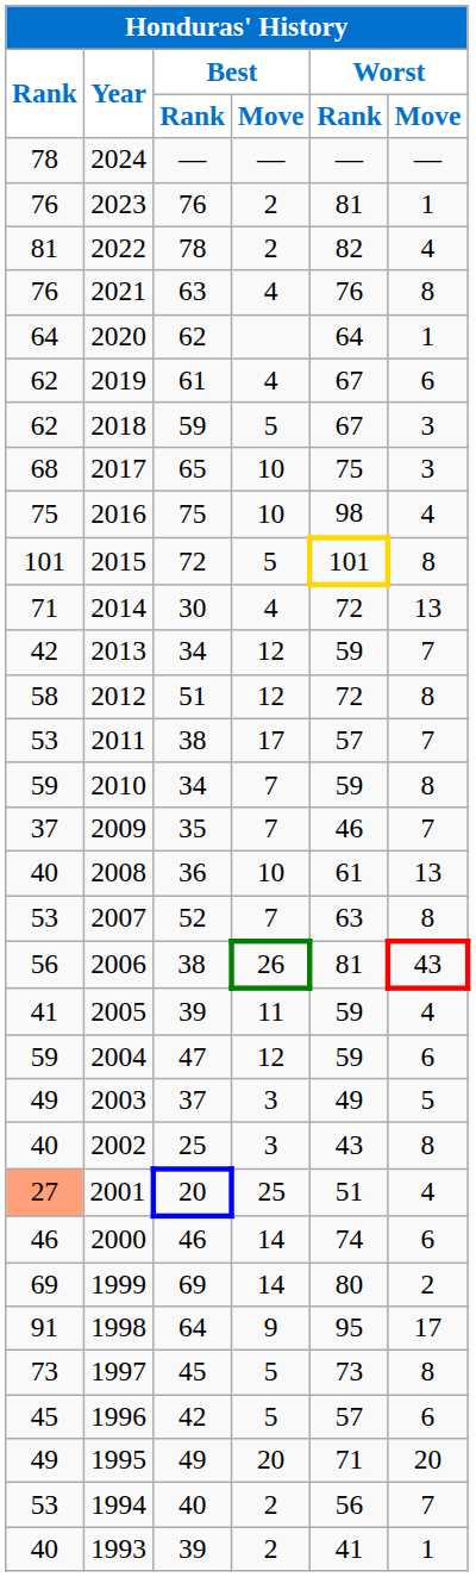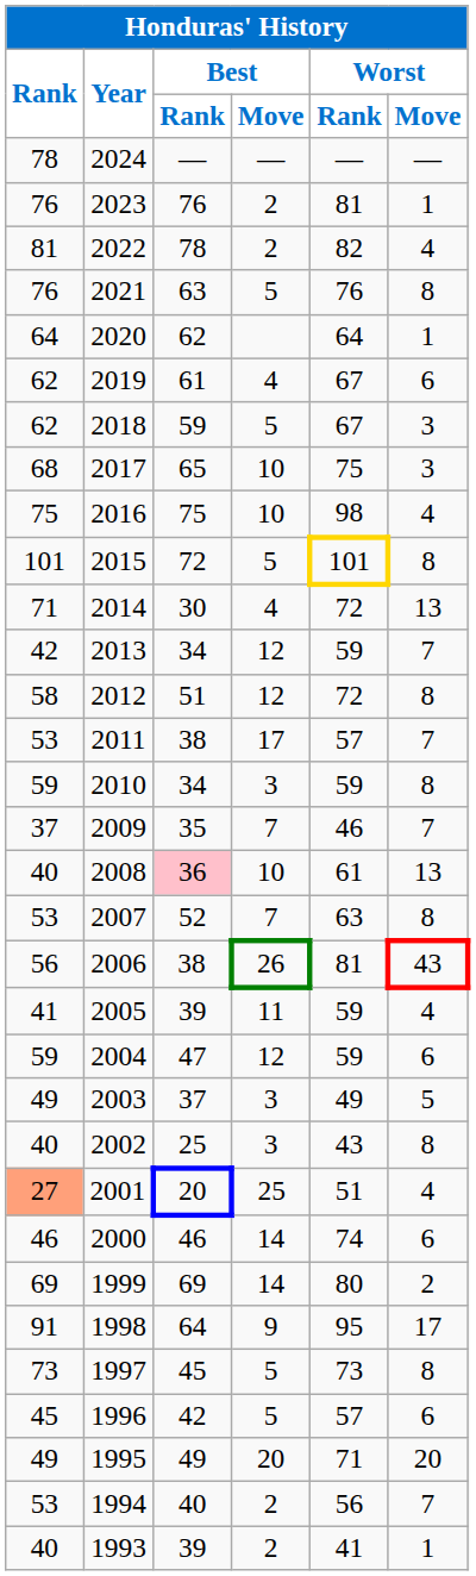 <table class="wikitable sortable" style="text-align:center;">
 <tr>
 <th colspan=9 style="background: #0072CE; color: #FFFFFF;"> Honduras' <a href='#'></a> History</th>
 </tr>
 <tr>
 <th rowspan=2 style="background-color: #FFFFFF; color: #0072CE;">Rank</th>
 <th rowspan=2 style="background-color: #FFFFFF; color: #0072CE;">Year</th>
 <th colspan=2 style="background-color: #FFFFFF; color: #0072CE;">Best</th>
 <th colspan=2 style="background-color: #FFFFFF; color: #0072CE;">Worst</th>
 </tr>
 <tr>
 <th style="background-color: #FFFFFF; color: #0072CE;">Rank</th>
 <th style="background-color: #FFFFFF; color: #0072CE;">Move</th>
 <th style="background-color: #FFFFFF; color: #0072CE;">Rank</th>
 <th style="background-color: #FFFFFF; color: #0072CE;">Move</th>
 </tr>
 <tr>
 <td>78</td>
 <td>2024</td>
 <td>—</td>
 <td>—</td>
 <td>—</td>
 <td>—</td>
 </tr>
 <tr>
 <td>76</td>
 <td>2023</td>
 <td>76</td>
 <td> 2</td>
 <td>81</td>
 <td> 1</td>
 </tr>
 <tr>
 <td>81</td>
 <td>2022</td>
 <td>78</td>
 <td> 2</td>
 <td>82</td>
 <td> 4</td>
 </tr>
 <tr>
 <td>76</td>
 <td>2021</td>
 <td>63</td>
-<td> 4</td>
+<td> 5</td>
 <td>76</td>
 <td> 8</td>
 </tr>
 <tr>
 <td>64</td>
 <td>2020</td>
 <td>62</td>
 <td></td>
 <td>64</td>
 <td> 1</td>
 </tr>
 <tr>
 <td>62</td>
 <td>2019</td>
 <td>61</td>
 <td> 4</td>
 <td>67</td>
 <td> 6</td>
 </tr>
 <tr>
 <td>62</td>
 <td>2018</td>
 <td>59</td>
 <td> 5</td>
 <td>67</td>
 <td> 3</td>
 </tr>
 <tr>
 <td>68</td>
 <td>2017</td>
 <td>65</td>
 <td> 10</td>
 <td>75</td>
 <td> 3</td>
 </tr>
 <tr>
 <td>75</td>
 <td>2016</td>
 <td>75</td>
 <td> 10</td>
 <td>98</td>
 <td> 4</td>
 </tr>
 <tr>
 <td>101</td>
 <td>2015</td>
 <td>72</td>
 <td> 5</td>
 <td style="border: 3px solid gold">101</td>
 <td> 8</td>
 </tr>
 <tr>
 <td>71</td>
 <td>2014</td>
 <td>30</td>
 <td> 4</td>
 <td>72</td>
 <td> 13</td>
 </tr>
 <tr>
 <td>42</td>
 <td>2013</td>
 <td>34</td>
 <td> 12</td>
 <td>59</td>
 <td> 7</td>
 </tr>
 <tr>
 <td>58</td>
 <td>2012</td>
 <td>51</td>
 <td> 12</td>
 <td>72</td>
 <td> 8</td>
 </tr>
 <tr>
 <td>53</td>
 <td>2011</td>
 <td>38</td>
 <td> 17</td>
 <td>57</td>
 <td> 7</td>
 </tr>
 <tr>
 <td>59</td>
 <td>2010</td>
 <td>34</td>
-<td> 7</td>
+<td> 3</td>
 <td>59</td>
 <td> 8</td>
 </tr>
 <tr>
 <td>37</td>
 <td>2009</td>
 <td>35</td>
 <td> 7</td>
 <td>46</td>
 <td> 7</td>
 </tr>
 <tr>
 <td>40</td>
 <td>2008</td>
-<td>36</td>
+<td style="background: pink;">36</td>
 <td> 10</td>
 <td>61</td>
 <td> 13</td>
 </tr>
 <tr>
 <td>53</td>
 <td>2007</td>
 <td>52</td>
 <td> 7</td>
 <td>63</td>
 <td> 8</td>
 </tr>
 <tr>
 <td>56</td>
 <td>2006</td>
 <td>38</td>
 <td style="border: 3px solid green"> 26</td>
 <td>81</td>
 <td style="border: 3px solid red"> 43</td>
 </tr>
 <tr>
 <td>41</td>
 <td>2005</td>
 <td>39</td>
 <td> 11</td>
 <td>59</td>
 <td> 4</td>
 </tr>
 <tr>
 <td>59</td>
 <td>2004</td>
 <td>47</td>
 <td> 12</td>
 <td>59</td>
 <td> 6</td>
 </tr>
 <tr>
 <td>49</td>
 <td>2003</td>
 <td>37</td>
 <td> 3</td>
 <td>49</td>
 <td> 5</td>
 </tr>
 <tr>
 <td>40</td>
 <td>2002</td>
 <td>25</td>
 <td> 3</td>
 <td>43</td>
 <td> 8</td>
 </tr>
 <tr>
 <td style="background: lightsalmon;">27</td>
 <td>2001</td>
 <td style="border: 3px solid blue">20</td>
 <td> 25</td>
 <td>51</td>
 <td> 4</td>
 </tr>
 <tr>
 <td>46</td>
 <td>2000</td>
 <td>46</td>
 <td> 14</td>
 <td>74</td>
 <td> 6</td>
 </tr>
 <tr>
 <td>69</td>
 <td>1999</td>
 <td>69</td>
 <td> 14</td>
 <td>80</td>
 <td> 2</td>
 </tr>
 <tr>
 <td>91</td>
 <td>1998</td>
 <td>64</td>
 <td> 9</td>
 <td>95</td>
 <td> 17</td>
 </tr>
 <tr>
 <td>73</td>
 <td>1997</td>
 <td>45</td>
 <td> 5</td>
 <td>73</td>
 <td> 8</td>
 </tr>
 <tr>
 <td>45</td>
 <td>1996</td>
 <td>42</td>
 <td> 5</td>
 <td>57</td>
 <td> 6</td>
 </tr>
 <tr>
 <td>49</td>
 <td>1995</td>
 <td>49</td>
 <td> 20</td>
 <td>71</td>
 <td> 20</td>
 </tr>
 <tr>
 <td>53</td>
 <td>1994</td>
 <td>40</td>
 <td> 2</td>
 <td>56</td>
 <td> 7</td>
 </tr>
 <tr>
 <td>40</td>
 <td>1993</td>
 <td>39</td>
 <td> 2</td>
 <td>41</td>
 <td> 1</td>
 </tr>
 </table>
